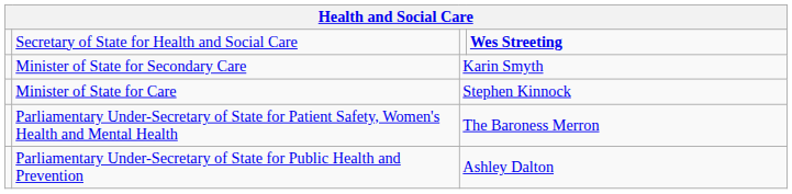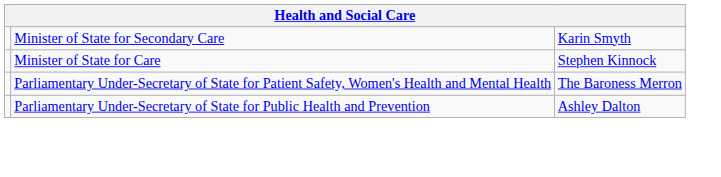 <table class="wikitable">
 <tr>
 <th colspan="4"><a href='#'>Health and Social Care</a></th>
-</tr>
-<tr>
-<td style="background: "></td>
-<td style="width: 450px;"><a href='#'>Secretary of State for Health and Social Care</a></td>
-<td style="background: "></td>
-<td style="width: 320px;"><strong><a href='#'>Wes Streeting</a></strong></td>
 </tr>
 <tr>
 <td style="background: "></td>
 <td><a href='#'>Minister of State for Secondary Care</a></td>
 <td colspan="2"><a href='#'>Karin Smyth</a></td>
 </tr>
 <tr>
 <td style="background: "></td>
 <td><a href='#'>Minister of State for Care</a></td>
 <td colspan="2"><a href='#'>Stephen Kinnock</a></td>
 </tr>
 <tr>
 <td style="background: "></td>
 <td><a href='#'>Parliamentary Under-Secretary of State for Patient Safety, Women's Health and Mental Health</a></td>
 <td colspan="2"><a href='#'>The Baroness Merron</a></td>
 </tr>
 <tr>
 <td style="background: "></td>
 <td><a href='#'>Parliamentary Under-Secretary of State for Public Health and Prevention</a></td>
 <td colspan="2"><a href='#'>Ashley Dalton</a></td>
 </tr>
 </table>
